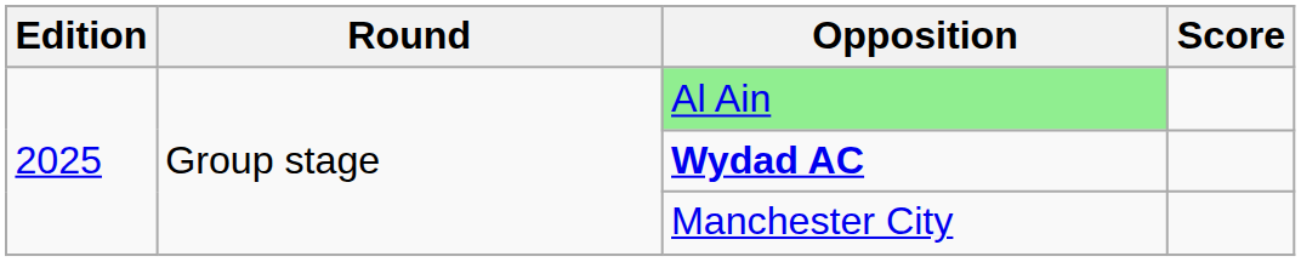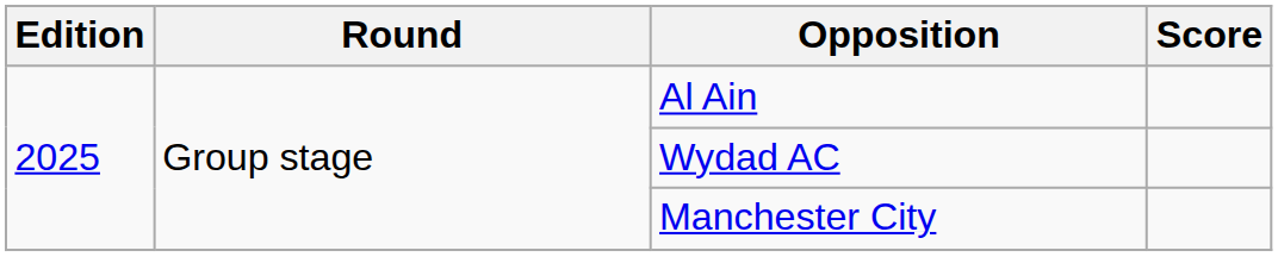 <table class="wikitable">
 <tr>
 <th>Edition</th>
 <th width=200>Round</th>
 <th width=200>Opposition</th>
 <th>Score</th>
 </tr>
 <tr>
 <td rowspan=3><a href='#'>2025</a></td>
 <td rowspan=3>Group stage</td>
-<td style="background: lightgreen;"> <a href='#'>Al Ain</a></td>
+<td> <a href='#'>Al Ain</a></td>
 <td style="text-align:center;"></td>
 </tr>
 <tr>
-<td><strong> <a href='#'>Wydad AC</a></strong></td>
+<td> <a href='#'>Wydad AC</a></td>
 <td style="text-align:center;"></td>
 </tr>
 <tr>
 <td> <a href='#'>Manchester City</a></td>
 <td style="text-align:center;"></td>
 </tr>
 </table>
